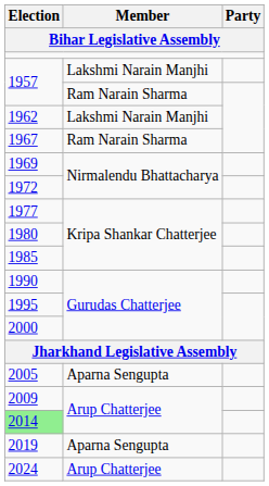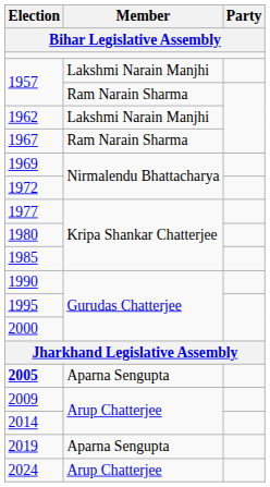 <table class="wikitable sortable">
 <tr>
 <th>Election</th>
 <th>Member</th>
 <th colspan=2>Party</th>
 </tr>
 <tr>
 <th colspan=4><a href='#'>Bihar Legislative Assembly</a></th>
 </tr>
 <tr>
 <td colspan="4"></td>
 </tr>
 <tr>
 <td rowspan=2><a href='#'>1957</a></td>
 <td>Lakshmi Narain Manjhi</td>
 <td></td>
 </tr>
 <tr>
 <td>Ram Narain Sharma</td>
 </tr>
 <tr>
 <td><a href='#'>1962</a></td>
 <td>Lakshmi Narain Manjhi</td>
 </tr>
 <tr>
 <td><a href='#'>1967</a></td>
 <td>Ram Narain Sharma</td>
 </tr>
 <tr>
 <td><a href='#'>1969</a></td>
 <td rowspan=2>Nirmalendu Bhattacharya</td>
 <td></td>
 </tr>
 <tr>
 <td><a href='#'>1972</a></td>
 </tr>
 <tr>
 <td><a href='#'>1977</a></td>
 <td rowspan=3>Kripa Shankar Chatterjee</td>
 <td></td>
 </tr>
 <tr>
 <td><a href='#'>1980</a></td>
 </tr>
 <tr>
 <td><a href='#'>1985</a></td>
 <td></td>
 </tr>
 <tr>
 <td><a href='#'>1990</a></td>
 <td rowspan=3><a href='#'>Gurudas Chatterjee</a></td>
 <td></td>
 </tr>
 <tr>
 <td><a href='#'>1995</a></td>
 </tr>
 <tr>
 <td><a href='#'>2000</a></td>
 </tr>
 <tr>
 <th colspan=4><a href='#'>Jharkhand Legislative Assembly</a></th>
 </tr>
 <tr>
-<td><a href='#'>2005</a></td>
+<td><strong><a href='#'>2005</a></strong></td>
 <td>Aparna Sengupta</td>
 <td></td>
 </tr>
 <tr>
 <td><a href='#'>2009</a></td>
 <td rowspan=2><a href='#'>Arup Chatterjee</a></td>
 <td></td>
 </tr>
 <tr>
-<td style="background: lightgreen;"><a href='#'>2014</a></td>
+<td><a href='#'>2014</a></td>
 </tr>
 <tr>
 <td><a href='#'>2019</a></td>
 <td>Aparna Sengupta</td>
 <td></td>
 </tr>
 <tr>
 <td><a href='#'>2024</a></td>
 <td><a href='#'>Arup Chatterjee</a></td>
 <td></td>
 </tr>
 </table>
